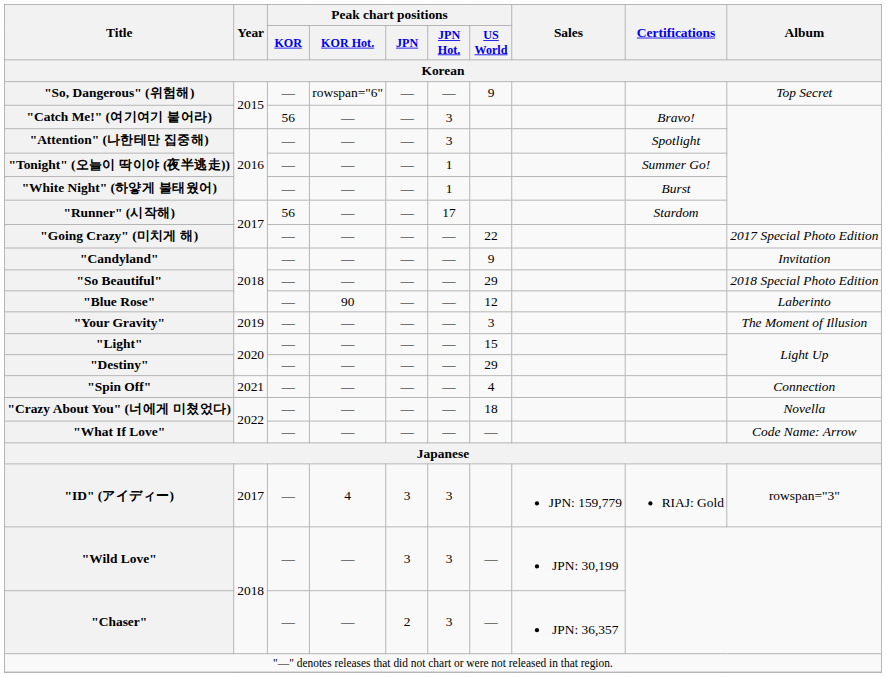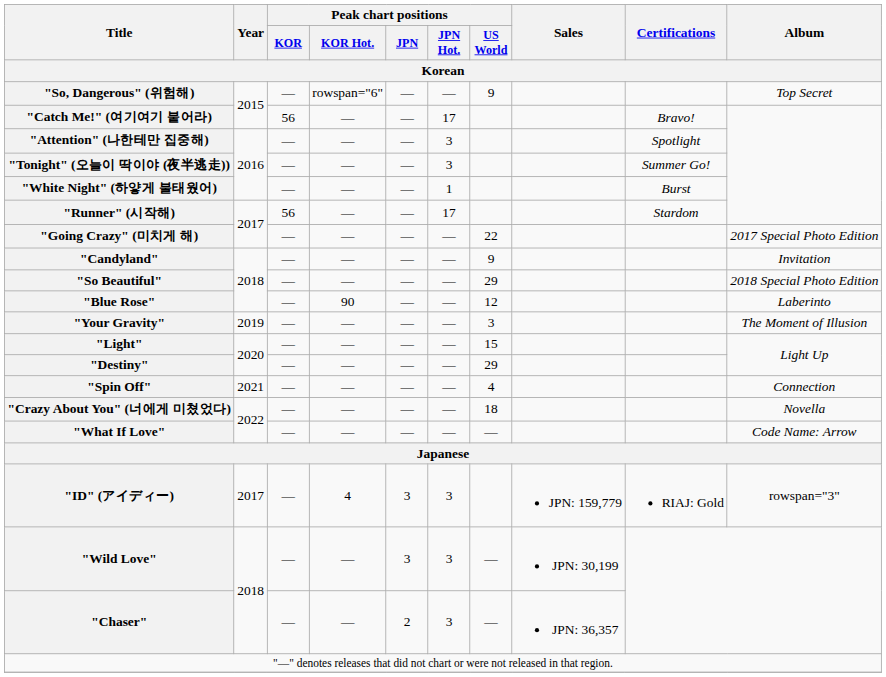 <table class="wikitable plainrowheaders" style="text-align:center;">
 <tr>
 <th scope="col" rowspan="2">Title</th>
 <th scope="col" rowspan="2">Year</th>
 <th scope="col" colspan="5">Peak chart positions</th>
 <th scope="col" rowspan="2">Sales</th>
 <th scope="col" rowspan="2"><a href='#'>Certifications</a></th>
 <th scope="col" rowspan="2">Album</th>
 </tr>
 <tr>
 <th scope="col" style="width:3em;font-size:90%;"><a href='#'>KOR</a><br></th>
 <th scope="col" style="width:3em;font-size:90%;"><a href='#'>KOR Hot.</a><br></th>
 <th scope="col" style="width:3em;font-size:90%;"><a href='#'>JPN</a><br></th>
 <th scope="col" style="width:3em;font-size:90%;"><a href='#'>JPN Hot.</a><br></th>
 <th scope="col" style="width:3em;font-size:90%;"><a href='#'>US World</a><br></th>
 </tr>
 <tr>
 <th colspan="10">Korean</th>
 </tr>
 <tr>
 <th scope="row">"So, Dangerous" (위험해)</th>
 <td rowspan="2">2015</td>
 <td>—</td>
 <td>rowspan="6" </td>
 <td>—</td>
 <td>—</td>
 <td>9</td>
 <td></td>
 <td></td>
 <td><em>Top Secret</em></td>
 </tr>
 <tr>
 <th scope="row">"Catch Me!" (여기여기 붙어라)</th>
 <td>56</td>
 <td>—</td>
 <td>—</td>
-<td>3</td>
+<td>17</td>
 <td></td>
 <td></td>
 <td><em>Bravo!</em></td>
 </tr>
 <tr>
 <th scope="row">"Attention" (나한테만 집중해)</th>
 <td rowspan="3">2016</td>
 <td>—</td>
 <td>—</td>
 <td>—</td>
 <td>3</td>
 <td></td>
 <td></td>
 <td><em>Spotlight</em></td>
 </tr>
 <tr>
 <th scope="row">"Tonight" (오늘이 딱이야 (夜半逃走))</th>
 <td>—</td>
 <td>—</td>
 <td>—</td>
-<td>1</td>
+<td>3</td>
 <td></td>
 <td></td>
 <td><em>Summer Go!</em></td>
 </tr>
 <tr>
 <th scope="row">"White Night" (하얗게 불태웠어)</th>
 <td>—</td>
 <td>—</td>
 <td>—</td>
 <td>1</td>
 <td></td>
 <td></td>
 <td><em>Burst</em></td>
 </tr>
 <tr>
 <th scope="row">"Runner" (시작해)</th>
 <td rowspan="2">2017</td>
 <td>56</td>
 <td>—</td>
 <td>—</td>
 <td>17</td>
 <td></td>
 <td></td>
 <td><em>Stardom</em></td>
 </tr>
 <tr>
 <th scope="row">"Going Crazy" (미치게 해)</th>
 <td>—</td>
 <td>—</td>
 <td>—</td>
 <td>—</td>
 <td>22</td>
 <td></td>
 <td></td>
 <td><em>2017 Special Photo Edition</em></td>
 </tr>
 <tr>
 <th scope="row">"Candyland"</th>
 <td rowspan="3">2018</td>
 <td>—</td>
 <td>—</td>
 <td>—</td>
 <td>—</td>
 <td>9</td>
 <td></td>
 <td></td>
 <td><em>Invitation</em></td>
 </tr>
 <tr>
 <th scope="row">"So Beautiful"</th>
 <td>—</td>
 <td>—</td>
 <td>—</td>
 <td>—</td>
 <td>29</td>
 <td></td>
 <td></td>
 <td><em>2018 Special Photo Edition</em></td>
 </tr>
 <tr>
 <th scope="row">"Blue Rose"</th>
 <td>—</td>
 <td>90</td>
 <td>—</td>
 <td>—</td>
 <td>12</td>
 <td></td>
 <td></td>
 <td><em>Laberinto</em></td>
 </tr>
 <tr>
 <th scope="row">"Your Gravity"</th>
 <td scope="row">2019</td>
 <td>—</td>
 <td>—</td>
 <td>—</td>
 <td>—</td>
 <td>3</td>
 <td></td>
 <td></td>
 <td><em>The Moment of Illusion</em></td>
 </tr>
 <tr>
 <th scope="row">"Light"</th>
 <td rowspan="2">2020</td>
 <td>—</td>
 <td>—</td>
 <td>—</td>
 <td>—</td>
 <td>15</td>
 <td></td>
 <td></td>
 <td rowspan="2"><em>Light Up</em></td>
 </tr>
 <tr>
 <th scope="row">"Destiny"</th>
 <td>—</td>
 <td>—</td>
 <td>—</td>
 <td>—</td>
 <td>29</td>
 <td></td>
 <td></td>
 </tr>
 <tr>
 <th scope="row">"Spin Off"</th>
 <td>2021</td>
 <td>—</td>
 <td>—</td>
 <td>—</td>
 <td>—</td>
 <td>4</td>
 <td></td>
 <td></td>
 <td><em>Connection</em></td>
 </tr>
 <tr>
 <th scope="row">"Crazy About You" (너에게 미쳤었다)</th>
 <td rowspan="2">2022</td>
 <td>—</td>
 <td>—</td>
 <td>—</td>
 <td>—</td>
 <td>18</td>
 <td></td>
 <td></td>
 <td><em>Novella</em></td>
 </tr>
 <tr>
 <th scope="row">"What If Love"</th>
 <td>—</td>
 <td>—</td>
 <td>—</td>
 <td>—</td>
 <td>—</td>
 <td></td>
 <td></td>
 <td><em>Code Name: Arrow</em></td>
 </tr>
 <tr>
 <th colspan="10">Japanese</th>
 </tr>
 <tr>
 <th scope="row">"ID" (アイディー)</th>
 <td>2017</td>
 <td>—</td>
 <td>4</td>
 <td>3</td>
 <td>3</td>
 <td></td>
 <td><br><ul><li>JPN: 159,779 </li></ul></td>
 <td><br><ul><li>RIAJ: Gold</li></ul></td>
 <td>rowspan="3" </td>
 </tr>
 <tr>
 <th scope="row">"Wild Love"</th>
 <td rowspan="2">2018</td>
 <td>—</td>
 <td>—</td>
 <td>3</td>
 <td>3</td>
 <td>—</td>
 <td><br><ul><li>JPN: 30,199 </li></ul></td>
 </tr>
 <tr>
 <th scope="row">"Chaser"</th>
 <td>—</td>
 <td>—</td>
 <td>2</td>
 <td>3</td>
 <td>—</td>
 <td><br><ul><li>JPN: 36,357 </li></ul></td>
 </tr>
 <tr>
 <td colspan="10" style="font-size:85%">"—" denotes releases that did not chart or were not released in that region.</td>
 </tr>
 <tr>
 </tr>
 </table>
